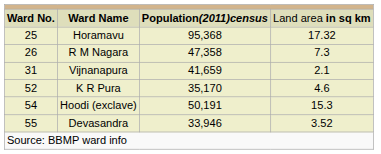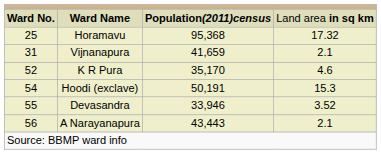 <table class="wikitable" style="float:">
 <tr>
 <td colspan="4" style="background:tan"></td>
 </tr>
 <tr style="text-align:center; background:#dedebb;">
 <td><strong>Ward No.</strong></td>
 <td><strong>Ward Name</strong></td>
 <td><strong>Population<strong><em>(2011)census<em></td>
 <td></strong>Land area<strong> </em> in sq km<em></td>
 </tr>
 <tr style="background:#efefcc;">
 <td style="text-align:center;">25</td>
 <td style="text-align:center;"></em>Horamavu<em></td>
 <td style="text-align:center;">95,368</td>
 <td style="text-align:center;">17.32</td>
-</tr>
-<tr style="background:#efefcc;">
-<td style="text-align:center;">26</td>
-<td style="text-align:center;"></em>R M Nagara<em></td>
-<td style="text-align:center;">47,358</td>
-<td style="text-align:center;">7.3</td>
 </tr>
 <tr style="background:#efefcc;">
 <td style="text-align:center;">31</td>
 <td style="text-align:center;"></em>Vijnanapura<em></td>
 <td style="text-align:center;">41,659</td>
 <td style="text-align:center;">2.1</td>
 </tr>
 <tr style="background:#efefcc;">
 <td style="text-align:center;">52</td>
 <td style="text-align:center;"></em>K R Pura<em></td>
 <td style="text-align:center;">35,170</td>
 <td style="text-align:center;">4.6</td>
 </tr>
 <tr style="background:#efefcc;">
 <td style="text-align:center;">54</td>
 <td style="text-align:center;"></em>Hoodi (exclave)<em></td>
 <td style="text-align:center;">50,191</td>
 <td style="text-align:center;">15.3</td>
 </tr>
 <tr style="background:#efefcc;">
 <td style="text-align:center;">55</td>
 <td style="text-align:center;"></em>Devasandra<em></td>
 <td style="text-align:center;">33,946</td>
 <td style="text-align:center;">3.52</td>
 </tr>
+<tr style="background:#efefcc;">
+<td style="text-align:center;">56</td>
+<td style="text-align:center;"></em>A Narayanapura<em></td>
+<td style="text-align:center;">43,443</td>
+<td style="text-align:center;">2.1</td>
+</tr>
 <tr>
 <td colspan="4"></em>Source: BBMP ward info<em></td>
 </tr>
 </table>
